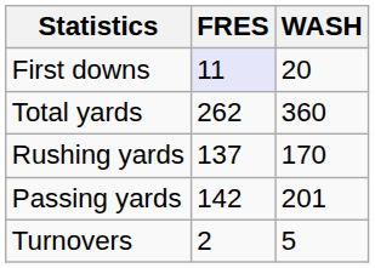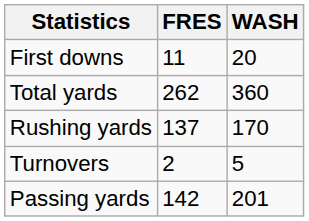 <table class="wikitable">
 <tr>
 <th>Statistics</th>
 <th>FRES</th>
 <th>WASH</th>
 </tr>
 <tr>
 <td>First downs</td>
-<td style="background: lavender;">11</td>
+<td>11</td>
 <td>20</td>
 </tr>
 <tr>
 <td>Total yards</td>
 <td>262</td>
 <td>360</td>
 </tr>
 <tr>
 <td>Rushing yards</td>
 <td>137</td>
 <td>170</td>
 </tr>
 <tr>
+<td>Turnovers</td>
+<td>2</td>
+<td>5</td>
+</tr>
+<tr>
 <td>Passing yards</td>
 <td>142</td>
 <td>201</td>
 </tr>
-<tr>
-<td>Turnovers</td>
-<td>2</td>
-<td>5</td>
-</tr>
 </table>
